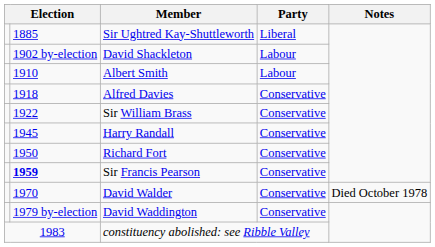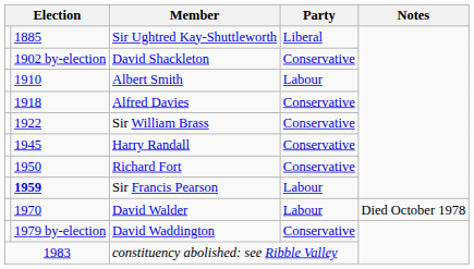 <table class="wikitable">
 <tr>
 <th colspan="2">Election</th>
 <th>Member</th>
 <th>Party</th>
 <th>Notes</th>
 </tr>
 <tr>
 <td style="color:inherit;background-color: "></td>
 <td><a href='#'>1885</a></td>
 <td><a href='#'>Sir Ughtred Kay-Shuttleworth</a></td>
 <td><a href='#'>Liberal</a></td>
 </tr>
 <tr>
 <td style="color:inherit;background-color: "></td>
 <td><a href='#'>1902 by-election</a></td>
 <td><a href='#'>David Shackleton</a></td>
-<td><a href='#'>Labour</a></td>
+<td><a href='#'>Conservative</a></td>
 </tr>
 <tr>
 <td style="color:inherit;background-color: "></td>
 <td><a href='#'>1910</a></td>
 <td><a href='#'>Albert Smith</a></td>
 <td><a href='#'>Labour</a></td>
 </tr>
 <tr>
 <td style="color:inherit;background-color: "></td>
 <td><a href='#'>1918</a></td>
 <td><a href='#'>Alfred Davies</a></td>
 <td><a href='#'>Conservative</a></td>
 </tr>
 <tr>
 <td style="color:inherit;background-color: "></td>
 <td><a href='#'>1922</a></td>
 <td>Sir <a href='#'>William Brass</a></td>
 <td><a href='#'>Conservative</a></td>
 </tr>
 <tr>
 <td style="color:inherit;background-color: "></td>
 <td><a href='#'>1945</a></td>
 <td><a href='#'>Harry Randall</a></td>
 <td><a href='#'>Conservative</a></td>
 </tr>
 <tr>
 <td style="color:inherit;background-color: "></td>
 <td><a href='#'>1950</a></td>
 <td><a href='#'>Richard Fort</a></td>
 <td><a href='#'>Conservative</a></td>
 </tr>
 <tr>
 <td style="color:inherit;background-color: "></td>
 <td><strong><a href='#'>1959</a></strong></td>
 <td>Sir <a href='#'>Francis Pearson</a></td>
-<td><a href='#'>Conservative</a></td>
+<td><a href='#'>Labour</a></td>
 </tr>
 <tr>
 <td style="color:inherit;background-color: "></td>
 <td><a href='#'>1970</a></td>
 <td><a href='#'>David Walder</a></td>
-<td><a href='#'>Conservative</a></td>
+<td><a href='#'>Labour</a></td>
 <td>Died October 1978</td>
 </tr>
 <tr>
 <td style="color:inherit;background-color: "></td>
 <td><a href='#'>1979 by-election</a></td>
 <td><a href='#'>David Waddington</a></td>
 <td><a href='#'>Conservative</a></td>
 </tr>
 <tr>
 <td colspan="2" align="center"><a href='#'>1983</a></td>
 <td colspan="2"><em>constituency abolished: see <a href='#'>Ribble Valley</a></em></td>
 </tr>
 </table>
